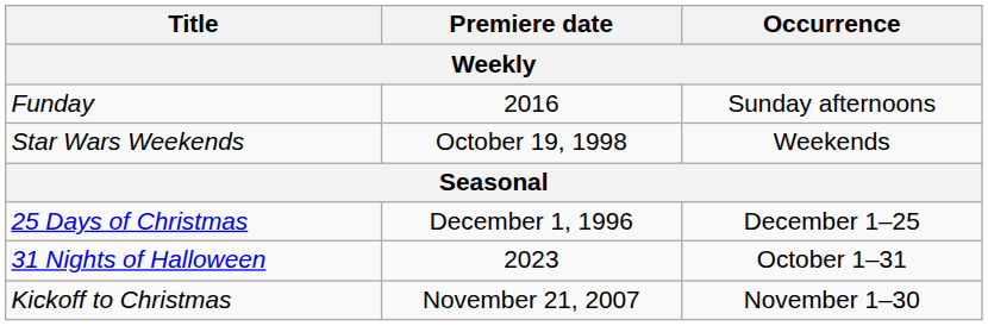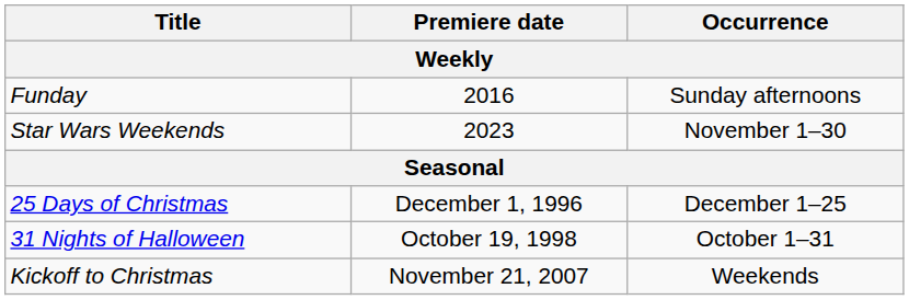 <table class="wikitable plainrowheaders sortable" style="width:50%;text-align:center;">
 <tr>
 <th scope="col" style="width:25%;">Title</th>
 <th scope="col" style="width:20%;">Premiere date</th>
 <th scope="col" style="width:20%;">Occurrence</th>
 </tr>
 <tr>
 <th colspan="4">Weekly</th>
 </tr>
 <tr>
 <td scope="row" style="text-align:left;"><em>Funday</em></td>
 <td>2016</td>
 <td>Sunday afternoons</td>
 </tr>
 <tr>
 <td scope="row" style="text-align:left;"><em>Star Wars Weekends</em></td>
-<td>October 19, 1998</td>
-<td>Weekends</td>
+<td>2023</td>
+<td>November 1–30</td>
 </tr>
 <tr>
 <th colspan="3">Seasonal</th>
 </tr>
 <tr>
 <td scope="row" style="text-align:left;"><em><a href='#'>25 Days of Christmas</a></em></td>
 <td>December 1, 1996</td>
 <td>December 1–25</td>
 </tr>
 <tr>
 <td scope="row" style="text-align:left;"><em><a href='#'>31 Nights of Halloween</a></em></td>
-<td>2023</td>
+<td>October 19, 1998</td>
 <td>October 1–31</td>
 </tr>
 <tr>
 <td scope="row" style="text-align:left;"><em>Kickoff to Christmas</em></td>
 <td>November 21, 2007</td>
-<td>November 1–30</td>
+<td>Weekends</td>
 </tr>
 </table>
